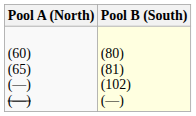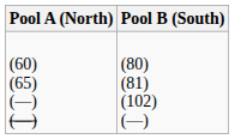 <table class="wikitable">
 <tr>
 <th width=50%>Pool A (North)</th>
 <th width=50%>Pool B (South)</th>
 </tr>
 <tr>
 <td><br> (60)<br>  (65)<br>  (—)<br> <s> (—)</s></td>
-<td style="background: lightyellow;"><br> (80)<br>  (81)<br>  (102)<br>  (—)</td>
+<td><br> (80)<br>  (81)<br>  (102)<br>  (—)</td>
 </tr>
 </table>
